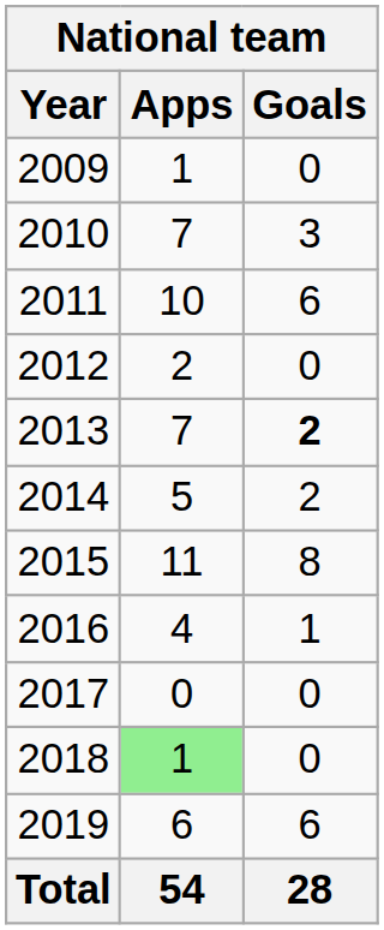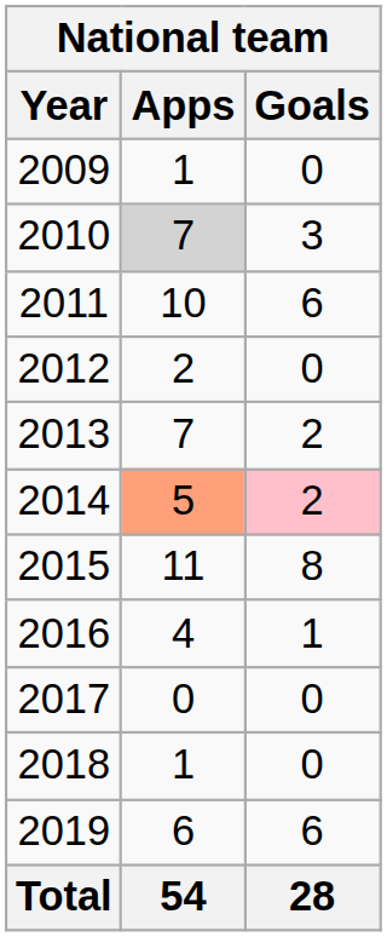 <table class="wikitable" style="text-align:center">
 <tr>
 <th colspan=3>National team</th>
 </tr>
 <tr>
 <th>Year</th>
 <th>Apps</th>
 <th>Goals</th>
 </tr>
 <tr>
 <td>2009</td>
 <td>1</td>
 <td>0</td>
 </tr>
 <tr>
 <td>2010</td>
-<td>7</td>
+<td style="background: lightgrey;">7</td>
 <td>3</td>
 </tr>
 <tr>
 <td>2011</td>
 <td>10</td>
 <td>6</td>
 </tr>
 <tr>
 <td>2012</td>
 <td>2</td>
 <td>0</td>
 </tr>
 <tr>
 <td>2013</td>
 <td>7</td>
-<td><strong>2</strong></td>
+<td>2</td>
 </tr>
 <tr>
 <td>2014</td>
-<td>5</td>
-<td>2</td>
+<td style="background: lightsalmon;">5</td>
+<td style="background: pink;">2</td>
 </tr>
 <tr>
 <td>2015</td>
 <td>11</td>
 <td>8</td>
 </tr>
 <tr>
 <td>2016</td>
 <td>4</td>
 <td>1</td>
 </tr>
 <tr>
 <td>2017</td>
 <td>0</td>
 <td>0</td>
 </tr>
 <tr>
 <td>2018</td>
-<td style="background: lightgreen;">1</td>
+<td>1</td>
 <td>0</td>
 </tr>
 <tr>
 <td>2019</td>
 <td>6</td>
 <td>6</td>
 </tr>
 <tr>
 <th>Total</th>
 <th>54</th>
 <th>28</th>
 </tr>
 </table>
